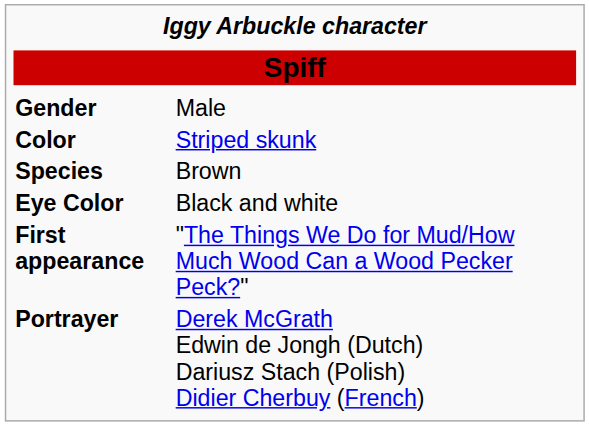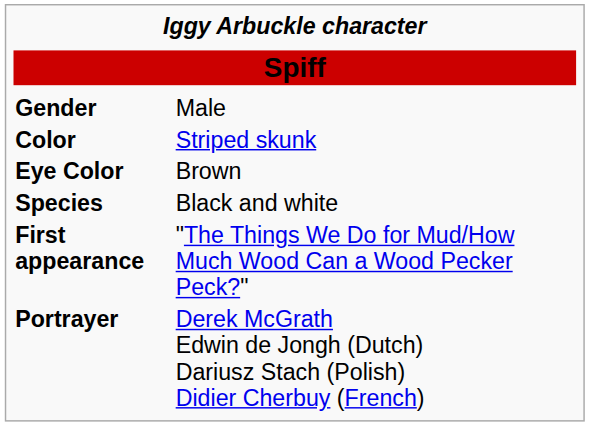 <table class="infobox" style="width: 25em;">
 <tr>
 <td colspan="2" style="text-align:center;"><strong><em>Iggy Arbuckle character</em></strong></td>
 </tr>
 <tr>
 <td colspan="2" style="text-align:center;"></td>
 </tr>
 <tr>
 <th colspan="2" style="font-size: larger; background-color:#c00; color:#000;"><strong>Spiff</strong></th>
 </tr>
 <tr>
 <td colspan="2"></td>
 </tr>
 <tr>
 <td><strong>Gender</strong></td>
 <td>Male</td>
 </tr>
 <tr>
 <td><strong>Color</strong></td>
 <td><a href='#'>Striped skunk</a></td>
 </tr>
 <tr>
-<td><strong>Species</strong></td>
+<td><strong>Eye Color</strong></td>
 <td>Brown</td>
 </tr>
 <tr>
-<td><strong>Eye Color</strong></td>
+<td><strong>Species</strong></td>
 <td>Black and white</td>
 </tr>
 <tr>
 <td><strong>First appearance</strong></td>
 <td>"<a href='#'>The Things We Do for Mud/How Much Wood Can a Wood Pecker Peck?</a>"</td>
 </tr>
 <tr>
 <td><strong>Portrayer</strong></td>
 <td><a href='#'>Derek McGrath</a><br>Edwin de Jongh (Dutch)<br>Dariusz Stach (Polish) <br><a href='#'>Didier Cherbuy</a> (<a href='#'>French</a>)</td>
 </tr>
 </table>
